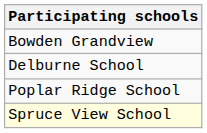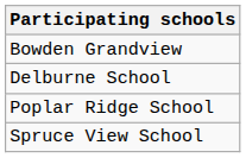 <table class="wikitable" align=right>
 <tr>
 <th>Participating schools</th>
 </tr>
 <tr>
 <td>Bowden Grandview</td>
 </tr>
 <tr>
 <td>Delburne School</td>
 </tr>
 <tr>
 <td>Poplar Ridge School</td>
 </tr>
 <tr>
-<td style="background: lightyellow;">Spruce View School</td>
+<td>Spruce View School</td>
 </tr>
 </table>
